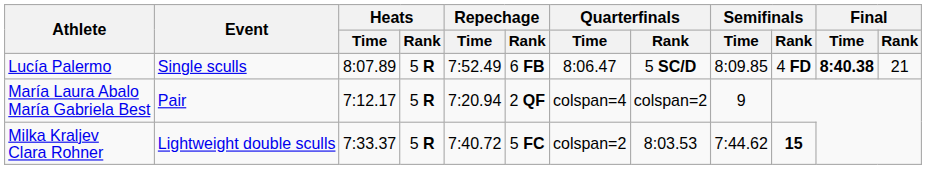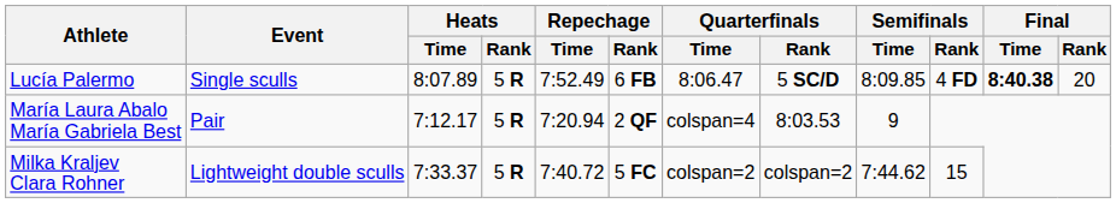 <table class="wikitable" style="font-size:90%">
 <tr>
 <th rowspan="2">Athlete</th>
 <th rowspan="2">Event</th>
 <th colspan="2">Heats</th>
 <th colspan="2">Repechage</th>
 <th colspan=2>Quarterfinals</th>
 <th colspan="2">Semifinals</th>
 <th colspan="2">Final</th>
 </tr>
 <tr style="font-size:95%">
 <th>Time</th>
 <th>Rank</th>
 <th>Time</th>
 <th>Rank</th>
 <th>Time</th>
 <th>Rank</th>
 <th>Time</th>
 <th>Rank</th>
 <th>Time</th>
 <th>Rank</th>
 </tr>
 <tr align=center>
 <td align=left><a href='#'>Lucía Palermo</a></td>
 <td align=left><a href='#'>Single sculls</a></td>
 <td>8:07.89</td>
 <td>5 <strong>R</strong></td>
 <td>7:52.49</td>
 <td>6 <strong>FB</strong></td>
 <td>8:06.47</td>
 <td>5 <strong>SC/D</strong></td>
 <td>8:09.85</td>
 <td>4 <strong>FD</strong></td>
 <td><strong>8:40.38</strong></td>
-<td>21</td>
+<td>20</td>
 </tr>
 <tr align=center>
 <td align=left><a href='#'>María Laura Abalo</a><br><a href='#'>María Gabriela Best</a></td>
 <td align=left><a href='#'>Pair</a></td>
 <td>7:12.17</td>
 <td>5 <strong>R</strong></td>
 <td>7:20.94</td>
 <td>2 <strong>QF</strong></td>
 <td>colspan=4 </td>
-<td>colspan=2 </td>
+<td>8:03.53</td>
 <td>9</td>
 </tr>
 <tr align=center>
 <td align=left><a href='#'>Milka Kraljev</a><br><a href='#'>Clara Rohner</a></td>
 <td align=left><a href='#'>Lightweight double sculls</a></td>
 <td>7:33.37</td>
 <td>5 <strong>R</strong></td>
 <td>7:40.72</td>
 <td>5 <strong>FC</strong></td>
 <td>colspan=2 </td>
-<td>8:03.53</td>
+<td>colspan=2 </td>
 <td>7:44.62</td>
-<td><strong>15</strong></td>
+<td>15</td>
 </tr>
 </table>
